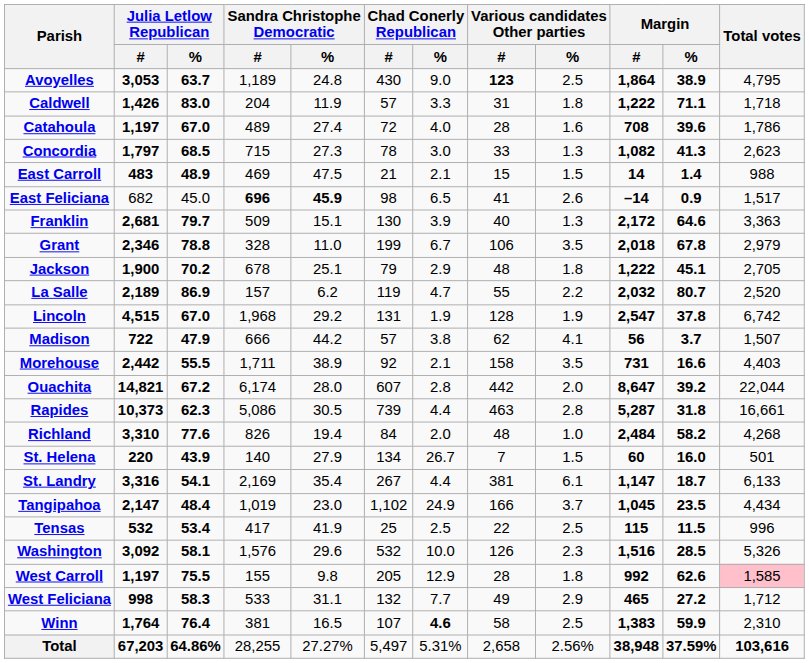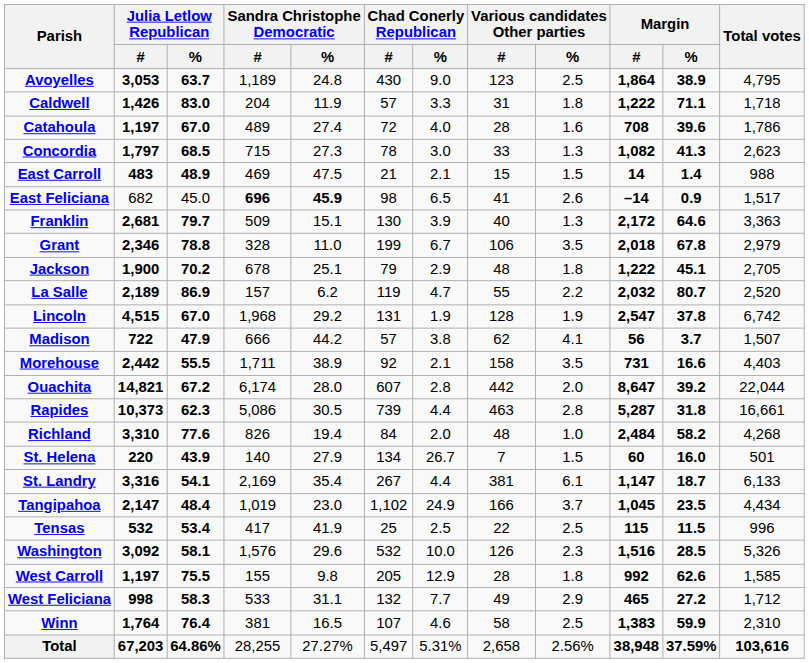 <table class="wikitable sortable">
 <tr>
 <th rowspan="2">Parish</th>
 <th colspan="2"><a href='#'>Julia Letlow</a><br><a href='#'>Republican</a></th>
 <th colspan="2">Sandra Christophe<br><a href='#'>Democratic</a></th>
 <th colspan="2">Chad Conerly<br><a href='#'>Republican</a></th>
 <th colspan="2">Various candidates<br>Other parties</th>
 <th colspan="2">Margin</th>
 <th rowspan="2">Total votes</th>
 </tr>
 <tr>
 <th data-sort-type="number" style="text-align:center;">#</th>
 <th data-sort-type="number" style="text-align:center;">%</th>
 <th data-sort-type="number" style="text-align:center;">#</th>
 <th data-sort-type="number" style="text-align:center;">%</th>
 <th data-sort-type="number" style="text-align:center;">#</th>
 <th data-sort-type="number" style="text-align:center;">%</th>
 <th data-sort-type="number" style="text-align:center;">#</th>
 <th data-sort-type="number" style="text-align:center;">%</th>
 <th data-sort-type="number" style="text-align:center;">#</th>
 <th data-sort-type="number" style="text-align:center;">%</th>
 </tr>
 <tr style="text-align:center;">
 <td><strong><a href='#'>Avoyelles</a></strong></td>
 <td><strong>3,053</strong></td>
 <td><strong>63.7</strong></td>
 <td>1,189</td>
 <td>24.8</td>
 <td>430</td>
 <td>9.0</td>
-<td><strong>123</strong></td>
+<td>123</td>
 <td>2.5</td>
 <td><strong>1,864</strong></td>
 <td><strong>38.9</strong></td>
 <td>4,795</td>
 </tr>
 <tr style="text-align:center;">
 <td><strong><a href='#'>Caldwell</a></strong></td>
 <td><strong>1,426</strong></td>
 <td><strong>83.0</strong></td>
 <td>204</td>
 <td>11.9</td>
 <td>57</td>
 <td>3.3</td>
 <td>31</td>
 <td>1.8</td>
 <td><strong>1,222</strong></td>
 <td><strong>71.1</strong></td>
 <td>1,718</td>
 </tr>
 <tr style="text-align:center;">
 <td><strong><a href='#'>Catahoula</a></strong></td>
 <td><strong>1,197</strong></td>
 <td><strong>67.0</strong></td>
 <td>489</td>
 <td>27.4</td>
 <td>72</td>
 <td>4.0</td>
 <td>28</td>
 <td>1.6</td>
 <td><strong>708</strong></td>
 <td><strong>39.6</strong></td>
 <td>1,786</td>
 </tr>
 <tr style="text-align:center;">
 <td><strong><a href='#'>Concordia</a></strong></td>
 <td><strong>1,797</strong></td>
 <td><strong>68.5</strong></td>
 <td>715</td>
 <td>27.3</td>
 <td>78</td>
 <td>3.0</td>
 <td>33</td>
 <td>1.3</td>
 <td><strong>1,082</strong></td>
 <td><strong>41.3</strong></td>
 <td>2,623</td>
 </tr>
 <tr style="text-align:center;">
 <td><strong><a href='#'>East Carroll</a></strong></td>
 <td><strong>483</strong></td>
 <td><strong>48.9</strong></td>
 <td>469</td>
 <td>47.5</td>
 <td>21</td>
 <td>2.1</td>
 <td>15</td>
 <td>1.5</td>
 <td><strong>14</strong></td>
 <td><strong>1.4</strong></td>
 <td>988</td>
 </tr>
 <tr style="text-align:center;">
 <td><strong><a href='#'>East Feliciana</a></strong></td>
 <td>682</td>
 <td>45.0</td>
 <td><strong>696</strong></td>
 <td><strong>45.9</strong></td>
 <td>98</td>
 <td>6.5</td>
 <td>41</td>
 <td>2.6</td>
 <td><strong>–14</strong></td>
 <td><strong>0.9</strong></td>
 <td>1,517</td>
 </tr>
 <tr style="text-align:center;">
 <td><strong><a href='#'>Franklin</a></strong></td>
 <td><strong>2,681</strong></td>
 <td><strong>79.7</strong></td>
 <td>509</td>
 <td>15.1</td>
 <td>130</td>
 <td>3.9</td>
 <td>40</td>
 <td>1.3</td>
 <td><strong>2,172</strong></td>
 <td><strong>64.6</strong></td>
 <td>3,363</td>
 </tr>
 <tr style="text-align:center;">
 <td><strong><a href='#'>Grant</a></strong></td>
 <td><strong>2,346</strong></td>
 <td><strong>78.8</strong></td>
 <td>328</td>
 <td>11.0</td>
 <td>199</td>
 <td>6.7</td>
 <td>106</td>
 <td>3.5</td>
 <td><strong>2,018</strong></td>
 <td><strong>67.8</strong></td>
 <td>2,979</td>
 </tr>
 <tr style="text-align:center;">
 <td><strong><a href='#'>Jackson</a></strong></td>
 <td><strong>1,900</strong></td>
 <td><strong>70.2</strong></td>
 <td>678</td>
 <td>25.1</td>
 <td>79</td>
 <td>2.9</td>
 <td>48</td>
 <td>1.8</td>
 <td><strong>1,222</strong></td>
 <td><strong>45.1</strong></td>
 <td>2,705</td>
 </tr>
 <tr style="text-align:center;">
 <td><strong><a href='#'>La Salle</a></strong></td>
 <td><strong>2,189</strong></td>
 <td><strong>86.9</strong></td>
 <td>157</td>
 <td>6.2</td>
 <td>119</td>
 <td>4.7</td>
 <td>55</td>
 <td>2.2</td>
 <td><strong>2,032</strong></td>
 <td><strong>80.7</strong></td>
 <td>2,520</td>
 </tr>
 <tr style="text-align:center;">
 <td><strong><a href='#'>Lincoln</a></strong></td>
 <td><strong>4,515</strong></td>
 <td><strong>67.0</strong></td>
 <td>1,968</td>
 <td>29.2</td>
 <td>131</td>
 <td>1.9</td>
 <td>128</td>
 <td>1.9</td>
 <td><strong>2,547</strong></td>
 <td><strong>37.8</strong></td>
 <td>6,742</td>
 </tr>
 <tr style="text-align:center;">
 <td><strong><a href='#'>Madison</a></strong></td>
 <td><strong>722</strong></td>
 <td><strong>47.9</strong></td>
 <td>666</td>
 <td>44.2</td>
 <td>57</td>
 <td>3.8</td>
 <td>62</td>
 <td>4.1</td>
 <td><strong>56</strong></td>
 <td><strong>3.7</strong></td>
 <td>1,507</td>
 </tr>
 <tr style="text-align:center;">
 <td><strong><a href='#'>Morehouse</a></strong></td>
 <td><strong>2,442</strong></td>
 <td><strong>55.5</strong></td>
 <td>1,711</td>
 <td>38.9</td>
 <td>92</td>
 <td>2.1</td>
 <td>158</td>
 <td>3.5</td>
 <td><strong>731</strong></td>
 <td><strong>16.6</strong></td>
 <td>4,403</td>
 </tr>
 <tr style="text-align:center;">
 <td><strong><a href='#'>Ouachita</a></strong></td>
 <td><strong>14,821</strong></td>
 <td><strong>67.2</strong></td>
 <td>6,174</td>
 <td>28.0</td>
 <td>607</td>
 <td>2.8</td>
 <td>442</td>
 <td>2.0</td>
 <td><strong>8,647</strong></td>
 <td><strong>39.2</strong></td>
 <td>22,044</td>
 </tr>
 <tr style="text-align:center;">
 <td><strong><a href='#'>Rapides</a></strong></td>
 <td><strong>10,373</strong></td>
 <td><strong>62.3</strong></td>
 <td>5,086</td>
 <td>30.5</td>
 <td>739</td>
 <td>4.4</td>
 <td>463</td>
 <td>2.8</td>
 <td><strong>5,287</strong></td>
 <td><strong>31.8</strong></td>
 <td>16,661</td>
 </tr>
 <tr style="text-align:center;">
 <td><strong><a href='#'>Richland</a></strong></td>
 <td><strong>3,310</strong></td>
 <td><strong>77.6</strong></td>
 <td>826</td>
 <td>19.4</td>
 <td>84</td>
 <td>2.0</td>
 <td>48</td>
 <td>1.0</td>
 <td><strong>2,484</strong></td>
 <td><strong>58.2</strong></td>
 <td>4,268</td>
 </tr>
 <tr style="text-align:center;">
 <td><strong><a href='#'>St. Helena</a></strong></td>
 <td><strong>220</strong></td>
 <td><strong>43.9</strong></td>
 <td>140</td>
 <td>27.9</td>
 <td>134</td>
 <td>26.7</td>
 <td>7</td>
 <td>1.5</td>
 <td><strong>60</strong></td>
 <td><strong>16.0</strong></td>
 <td>501</td>
 </tr>
 <tr style="text-align:center;">
 <td><strong><a href='#'>St. Landry</a></strong></td>
 <td><strong>3,316</strong></td>
 <td><strong>54.1</strong></td>
 <td>2,169</td>
 <td>35.4</td>
 <td>267</td>
 <td>4.4</td>
 <td>381</td>
 <td>6.1</td>
 <td><strong>1,147</strong></td>
 <td><strong>18.7</strong></td>
 <td>6,133</td>
 </tr>
 <tr style="text-align:center;">
 <td><strong><a href='#'>Tangipahoa</a></strong></td>
 <td><strong>2,147</strong></td>
 <td><strong>48.4</strong></td>
 <td>1,019</td>
 <td>23.0</td>
 <td>1,102</td>
 <td>24.9</td>
 <td>166</td>
 <td>3.7</td>
 <td><strong>1,045</strong></td>
 <td><strong>23.5</strong></td>
 <td>4,434</td>
 </tr>
 <tr style="text-align:center;">
 <td><strong><a href='#'>Tensas</a></strong></td>
 <td><strong>532</strong></td>
 <td><strong>53.4</strong></td>
 <td>417</td>
 <td>41.9</td>
 <td>25</td>
 <td>2.5</td>
 <td>22</td>
 <td>2.5</td>
 <td><strong>115</strong></td>
 <td><strong>11.5</strong></td>
 <td>996</td>
 </tr>
 <tr style="text-align:center;">
 <td><strong><a href='#'>Washington</a></strong></td>
 <td><strong>3,092</strong></td>
 <td><strong>58.1</strong></td>
 <td>1,576</td>
 <td>29.6</td>
 <td>532</td>
 <td>10.0</td>
 <td>126</td>
 <td>2.3</td>
 <td><strong>1,516</strong></td>
 <td><strong>28.5</strong></td>
 <td>5,326</td>
 </tr>
 <tr style="text-align:center;">
 <td><strong><a href='#'>West Carroll</a></strong></td>
 <td><strong>1,197</strong></td>
 <td><strong>75.5</strong></td>
 <td>155</td>
 <td>9.8</td>
 <td>205</td>
 <td>12.9</td>
 <td>28</td>
 <td>1.8</td>
 <td><strong>992</strong></td>
 <td><strong>62.6</strong></td>
-<td style="background: pink;">1,585</td>
+<td>1,585</td>
 </tr>
 <tr style="text-align:center;">
 <td><strong><a href='#'>West Feliciana</a></strong></td>
 <td><strong>998</strong></td>
 <td><strong>58.3</strong></td>
 <td>533</td>
 <td>31.1</td>
 <td>132</td>
 <td>7.7</td>
 <td>49</td>
 <td>2.9</td>
 <td><strong>465</strong></td>
 <td><strong>27.2</strong></td>
 <td>1,712</td>
 </tr>
 <tr style="text-align:center;">
 <td><strong><a href='#'>Winn</a></strong></td>
 <td><strong>1,764</strong></td>
 <td><strong>76.4</strong></td>
 <td>381</td>
 <td>16.5</td>
 <td>107</td>
-<td><strong>4.6</strong></td>
+<td>4.6</td>
 <td>58</td>
 <td>2.5</td>
 <td><strong>1,383</strong></td>
 <td><strong>59.9</strong></td>
 <td>2,310</td>
 </tr>
 <tr style="text-align:center;">
 <th>Total</th>
 <td><strong>67,203</strong></td>
 <td><strong>64.86%</strong></td>
 <td>28,255</td>
 <td>27.27%</td>
 <td>5,497</td>
 <td>5.31%</td>
 <td>2,658</td>
 <td>2.56%</td>
 <td><strong>38,948</strong></td>
 <td><strong>37.59%</strong></td>
 <td><strong>103,616</strong></td>
 </tr>
 </table>
